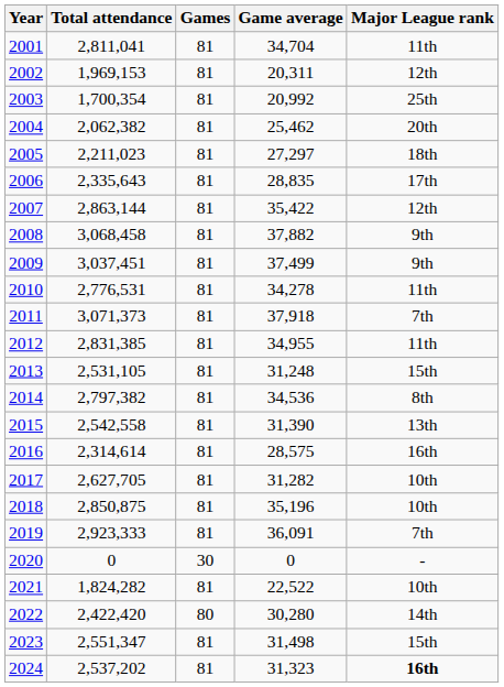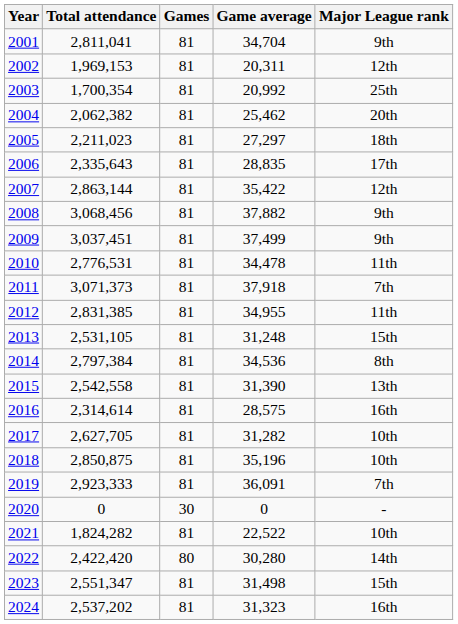 <table class="wikitable sortable" style="text-align:center">
 <tr>
 <th>Year</th>
 <th>Total attendance</th>
 <th>Games</th>
 <th>Game average</th>
 <th>Major League rank</th>
 </tr>
 <tr>
 <td><a href='#'>2001</a></td>
 <td>2,811,041</td>
 <td>81</td>
 <td>34,704</td>
-<td>11th</td>
+<td>9th</td>
 </tr>
 <tr>
 <td><a href='#'>2002</a></td>
 <td>1,969,153</td>
 <td>81</td>
 <td>20,311</td>
 <td>12th</td>
 </tr>
 <tr>
 <td><a href='#'>2003</a></td>
 <td>1,700,354</td>
 <td>81</td>
 <td>20,992</td>
 <td>25th</td>
 </tr>
 <tr>
 <td><a href='#'>2004</a></td>
 <td>2,062,382</td>
 <td>81</td>
 <td>25,462</td>
 <td>20th</td>
 </tr>
 <tr>
 <td><a href='#'>2005</a></td>
 <td>2,211,023</td>
 <td>81</td>
 <td>27,297</td>
 <td>18th</td>
 </tr>
 <tr>
 <td><a href='#'>2006</a></td>
 <td>2,335,643</td>
 <td>81</td>
 <td>28,835</td>
 <td>17th</td>
 </tr>
 <tr>
 <td><a href='#'>2007</a></td>
 <td>2,863,144</td>
 <td>81</td>
 <td>35,422</td>
 <td>12th</td>
 </tr>
 <tr>
 <td><a href='#'>2008</a></td>
-<td>3,068,458</td>
+<td>3,068,456</td>
 <td>81</td>
 <td>37,882</td>
 <td>9th</td>
 </tr>
 <tr>
 <td><a href='#'>2009</a></td>
 <td>3,037,451</td>
 <td>81</td>
 <td>37,499</td>
 <td>9th</td>
 </tr>
 <tr>
 <td><a href='#'>2010</a></td>
 <td>2,776,531</td>
 <td>81</td>
-<td>34,278</td>
+<td>34,478</td>
 <td>11th</td>
 </tr>
 <tr>
 <td><a href='#'>2011</a></td>
 <td>3,071,373</td>
 <td>81</td>
 <td>37,918</td>
 <td>7th</td>
 </tr>
 <tr>
 <td><a href='#'>2012</a></td>
 <td>2,831,385</td>
 <td>81</td>
 <td>34,955</td>
 <td>11th</td>
 </tr>
 <tr>
 <td><a href='#'>2013</a></td>
 <td>2,531,105</td>
 <td>81</td>
 <td>31,248</td>
 <td>15th</td>
 </tr>
 <tr>
 <td><a href='#'>2014</a></td>
-<td>2,797,382</td>
+<td>2,797,384</td>
 <td>81</td>
 <td>34,536</td>
 <td>8th</td>
 </tr>
 <tr>
 <td><a href='#'>2015</a></td>
 <td>2,542,558</td>
 <td>81</td>
 <td>31,390</td>
 <td>13th</td>
 </tr>
 <tr>
 <td><a href='#'>2016</a></td>
 <td>2,314,614</td>
 <td>81</td>
 <td>28,575</td>
 <td>16th</td>
 </tr>
 <tr>
 <td><a href='#'>2017</a></td>
 <td>2,627,705</td>
 <td>81</td>
 <td>31,282</td>
 <td>10th</td>
 </tr>
 <tr>
 <td><a href='#'>2018</a></td>
 <td>2,850,875</td>
 <td>81</td>
 <td>35,196</td>
 <td>10th</td>
 </tr>
 <tr>
 <td><a href='#'>2019</a></td>
 <td>2,923,333</td>
 <td>81</td>
 <td>36,091</td>
 <td>7th</td>
 </tr>
 <tr>
 <td><a href='#'>2020</a></td>
 <td>0</td>
 <td>30</td>
 <td>0</td>
 <td>-</td>
 </tr>
 <tr>
 <td><a href='#'>2021</a></td>
 <td>1,824,282</td>
 <td>81</td>
 <td>22,522</td>
 <td>10th</td>
 </tr>
 <tr>
 <td><a href='#'>2022</a></td>
 <td>2,422,420</td>
 <td>80</td>
 <td>30,280</td>
 <td>14th</td>
 </tr>
 <tr>
 <td><a href='#'>2023</a></td>
 <td>2,551,347</td>
 <td>81</td>
 <td>31,498</td>
 <td>15th</td>
 </tr>
 <tr>
 <td><a href='#'>2024</a></td>
 <td>2,537,202</td>
 <td>81</td>
 <td>31,323</td>
-<td><strong>16th</strong></td>
+<td>16th</td>
 </tr>
 </table>
